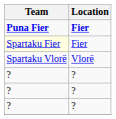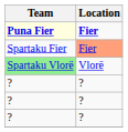 <table class="wikitable sortable">
 <tr>
 <th>Team</th>
 <th>Location</th>
 </tr>
 <tr>
-<td><strong><a href='#'>Puna Fier</a></strong></td>
+<td style="background: lightyellow;"><strong><a href='#'>Puna Fier</a></strong></td>
 <td><strong><a href='#'>Fier</a></strong></td>
 </tr>
 <tr>
-<td style="background: lightyellow;"><a href='#'>Spartaku Fier</a></td>
-<td><a href='#'>Fier</a></td>
+<td><a href='#'>Spartaku Fier</a></td>
+<td style="background: lightsalmon;"><a href='#'>Fier</a></td>
 </tr>
 <tr>
-<td><a href='#'>Spartaku Vlorë</a></td>
+<td style="background: lightgreen;"><a href='#'>Spartaku Vlorë</a></td>
 <td><a href='#'>Vlorë</a></td>
 </tr>
 <tr>
 <td>?</td>
 <td>?</td>
 </tr>
 <tr>
 <td>?</td>
 <td>?</td>
 </tr>
 <tr>
 <td>?</td>
 <td>?</td>
 </tr>
 <tr>
 </tr>
 </table>
